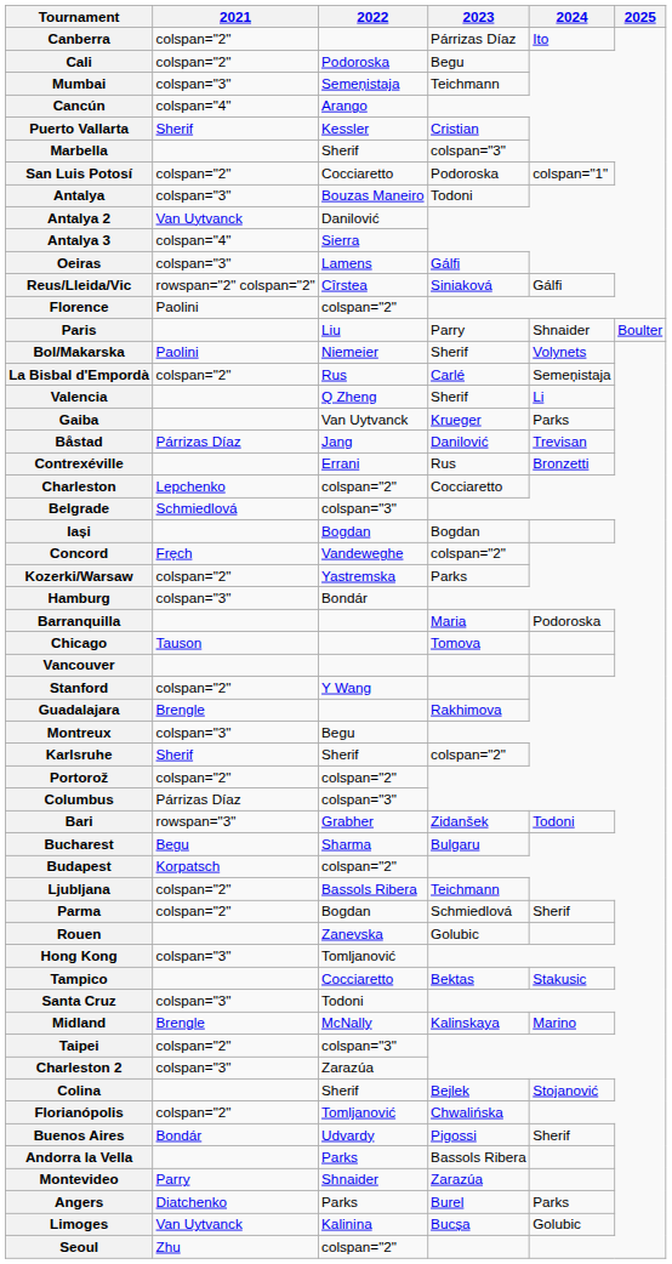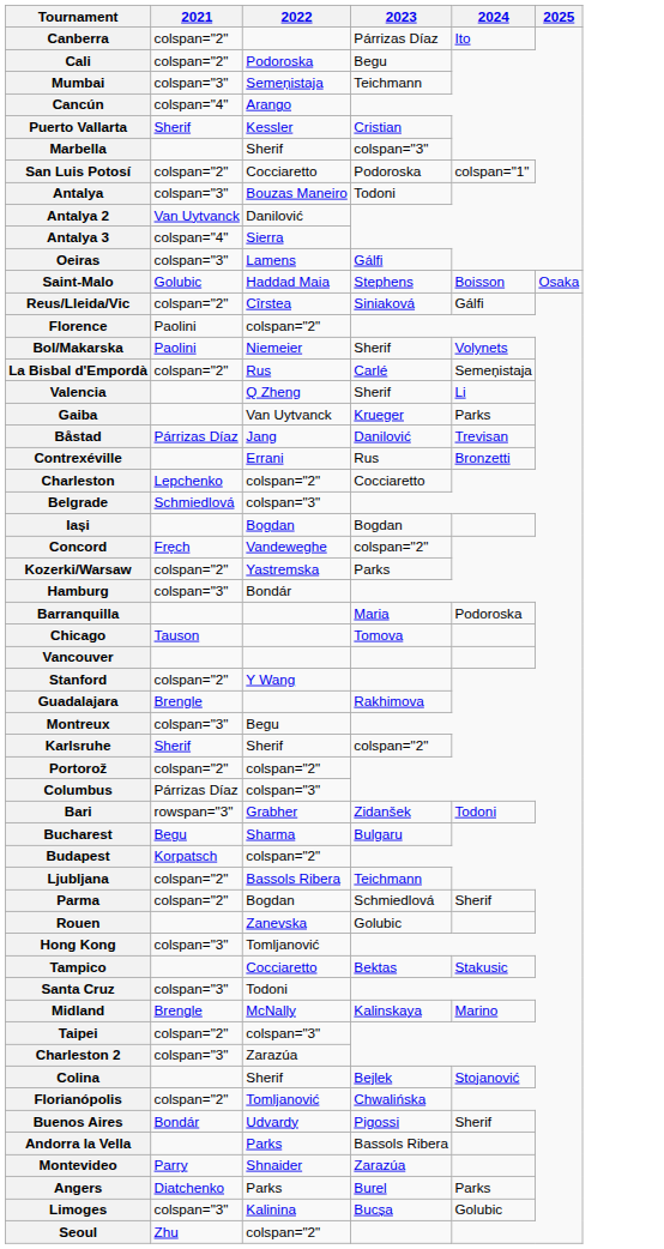 <table class=wikitable style="font-size: 85%">
 <tr>
 <th>Tournament</th>
 <th scope="col"><a href='#'>2021</a></th>
 <th scope="col"><a href='#'>2022</a></th>
 <th scope="col"><a href='#'>2023</a></th>
 <th scope="col"><a href='#'>2024</a></th>
 <th scope="col"><a href='#'>2025</a></th>
 </tr>
 <tr>
 <th scope="row">Canberra</th>
 <td>colspan="2" </td>
 <td></td>
 <td> Párrizas Díaz</td>
 <td> <a href='#'>Ito</a></td>
 </tr>
 <tr>
 <th scope="row">Cali</th>
 <td>colspan="2" </td>
 <td> <a href='#'>Podoroska</a></td>
 <td> Begu</td>
 </tr>
 <tr>
 <th scope="row">Mumbai</th>
 <td>colspan="3" </td>
 <td> <a href='#'>Semeņistaja</a></td>
 <td> Teichmann</td>
 </tr>
 <tr>
 <th scope="row">Cancún</th>
 <td>colspan="4" </td>
 <td> <a href='#'>Arango</a></td>
 </tr>
 <tr>
 <th scope="row">Puerto Vallarta</th>
 <td> <a href='#'>Sherif</a></td>
 <td> <a href='#'>Kessler</a></td>
 <td> <a href='#'>Cristian</a></td>
 </tr>
 <tr>
 <th scope="row">Marbella</th>
 <td></td>
 <td> Sherif</td>
 <td>colspan="3" </td>
 </tr>
 <tr>
 <th scope="row">San Luis Potosí</th>
 <td>colspan="2" </td>
 <td> Cocciaretto</td>
 <td> Podoroska</td>
 <td>colspan="1" </td>
 </tr>
 <tr>
 <th scope="row">Antalya</th>
 <td>colspan="3" </td>
 <td> <a href='#'>Bouzas Maneiro</a></td>
 <td> Todoni</td>
 </tr>
 <tr>
 <th scope="row">Antalya 2</th>
 <td> <a href='#'>Van Uytvanck</a></td>
 <td> Danilović</td>
 </tr>
 <tr>
 <th scope="row">Antalya 3</th>
 <td>colspan="4" </td>
 <td> <a href='#'>Sierra</a></td>
 </tr>
 <tr>
 <th scope="row">Oeiras</th>
 <td>colspan="3" </td>
 <td> <a href='#'>Lamens</a></td>
 <td> <a href='#'>Gálfi</a></td>
 </tr>
 <tr>
+<th scope="row">Saint-Malo</th>
+<td> <a href='#'>Golubic</a></td>
+<td> <a href='#'>Haddad Maia</a></td>
+<td> <a href='#'>Stephens</a></td>
+<td> <a href='#'>Boisson</a></td>
+<td> <a href='#'>Osaka</a></td>
+</tr>
+<tr>
 <th scope="row">Reus/Lleida/Vic</th>
-<td>rowspan="2" colspan="2" </td>
+<td>colspan="2" </td>
 <td> <a href='#'>Cîrstea</a></td>
 <td> <a href='#'>Siniaková</a></td>
 <td> Gálfi</td>
 </tr>
 <tr>
 <th scope="row">Florence</th>
 <td> Paolini</td>
 <td>colspan="2" </td>
-</tr>
-<tr>
-<th scope="row">Paris</th>
-<td></td>
-<td> <a href='#'>Liu</a></td>
-<td> Parry</td>
-<td> Shnaider</td>
-<td> <a href='#'>Boulter</a></td>
 </tr>
 <tr>
 <th scope="row">Bol/Makarska</th>
 <td> <a href='#'>Paolini</a></td>
 <td> <a href='#'>Niemeier</a></td>
 <td> Sherif</td>
 <td> <a href='#'>Volynets</a></td>
 </tr>
 <tr>
 <th scope="row">La Bisbal d'Empordà</th>
 <td>colspan="2" </td>
 <td> <a href='#'>Rus</a></td>
 <td> <a href='#'>Carlé</a></td>
 <td> Semeņistaja</td>
 </tr>
 <tr>
 <th scope="row">Valencia</th>
 <td></td>
 <td> <a href='#'>Q Zheng</a></td>
 <td> Sherif</td>
 <td> <a href='#'>Li</a></td>
 </tr>
 <tr>
 <th scope="row">Gaiba</th>
 <td></td>
 <td> Van Uytvanck</td>
 <td> <a href='#'>Krueger</a></td>
 <td> Parks</td>
 </tr>
 <tr>
 <th scope="row">Båstad</th>
 <td> <a href='#'>Párrizas Díaz</a></td>
 <td> <a href='#'>Jang</a></td>
 <td> <a href='#'>Danilović</a></td>
 <td> <a href='#'>Trevisan</a></td>
 </tr>
 <tr>
 <th scope="row">Contrexéville</th>
 <td></td>
 <td> <a href='#'>Errani</a></td>
 <td> Rus</td>
 <td> <a href='#'>Bronzetti</a></td>
 </tr>
 <tr>
 <th scope="row">Charleston</th>
 <td> <a href='#'>Lepchenko</a></td>
 <td>colspan="2" </td>
 <td> Cocciaretto</td>
 </tr>
 <tr>
 <th scope="row">Belgrade</th>
 <td> <a href='#'>Schmiedlová</a></td>
 <td>colspan="3" </td>
 </tr>
 <tr>
 <th scope="row">Iași</th>
 <td></td>
 <td> <a href='#'>Bogdan</a></td>
 <td> Bogdan</td>
 <td></td>
 </tr>
 <tr>
 <th scope="row">Concord</th>
 <td> <a href='#'>Fręch</a></td>
 <td> <a href='#'>Vandeweghe</a></td>
 <td>colspan="2" </td>
 </tr>
 <tr>
 <th scope="row">Kozerki/Warsaw</th>
 <td>colspan="2" </td>
 <td> <a href='#'>Yastremska</a></td>
 <td> Parks</td>
 </tr>
 <tr>
 <th scope="row">Hamburg</th>
 <td>colspan="3" </td>
 <td> Bondár</td>
 </tr>
 <tr>
 <th scope="row">Barranquilla</th>
 <td></td>
 <td></td>
 <td> <a href='#'>Maria</a></td>
 <td> Podoroska</td>
 </tr>
 <tr>
 <th scope="row">Chicago</th>
 <td> <a href='#'>Tauson</a></td>
 <td></td>
 <td> <a href='#'>Tomova</a></td>
 <td></td>
 </tr>
 <tr>
 <th scope="row">Vancouver</th>
 <td></td>
 <td></td>
 <td></td>
 <td></td>
 </tr>
 <tr>
 <th scope="row">Stanford</th>
 <td>colspan="2" </td>
 <td> <a href='#'>Y Wang</a></td>
 <td></td>
 </tr>
 <tr>
 <th scope="row">Guadalajara</th>
 <td> <a href='#'>Brengle</a></td>
 <td></td>
 <td> <a href='#'>Rakhimova</a></td>
 </tr>
 <tr>
 <th scope="row">Montreux</th>
 <td>colspan="3" </td>
 <td> Begu</td>
 </tr>
 <tr>
 <th scope="row">Karlsruhe</th>
 <td> <a href='#'>Sherif</a></td>
 <td> Sherif</td>
 <td>colspan="2" </td>
 </tr>
 <tr>
 <th scope="row">Portorož</th>
 <td>colspan="2" </td>
 <td>colspan="2" </td>
 </tr>
 <tr>
 <th scope="row">Columbus</th>
 <td> Párrizas Díaz</td>
 <td>colspan="3" </td>
 </tr>
 <tr>
 <th scope="row">Bari</th>
 <td>rowspan="3" </td>
 <td> <a href='#'>Grabher</a></td>
 <td> <a href='#'>Zidanšek</a></td>
 <td> <a href='#'>Todoni</a></td>
 </tr>
 <tr>
 <th scope="row">Bucharest</th>
 <td> <a href='#'>Begu</a></td>
 <td> <a href='#'>Sharma</a></td>
 <td> <a href='#'>Bulgaru</a></td>
 </tr>
 <tr>
 <th scope="row">Budapest</th>
 <td> <a href='#'>Korpatsch</a></td>
 <td>colspan="2" </td>
 </tr>
 <tr>
 <th scope="row">Ljubljana</th>
 <td>colspan="2" </td>
 <td> <a href='#'>Bassols Ribera</a></td>
 <td> <a href='#'>Teichmann</a></td>
 </tr>
 <tr>
 <th scope="row">Parma</th>
 <td>colspan="2" </td>
 <td> Bogdan</td>
 <td> Schmiedlová</td>
 <td> Sherif</td>
 </tr>
 <tr>
 <th scope="row">Rouen</th>
 <td></td>
 <td> <a href='#'>Zanevska</a></td>
 <td> Golubic</td>
 <td></td>
 </tr>
 <tr>
 <th scope="row">Hong Kong</th>
 <td>colspan="3" </td>
 <td> Tomljanović</td>
 </tr>
 <tr>
 <th scope="row">Tampico</th>
 <td></td>
 <td> <a href='#'>Cocciaretto</a></td>
 <td> <a href='#'>Bektas</a></td>
 <td> <a href='#'>Stakusic</a></td>
 </tr>
 <tr>
 <th scope="row">Santa Cruz</th>
 <td>colspan="3" </td>
 <td> Todoni</td>
 </tr>
 <tr>
 <th scope="row">Midland</th>
 <td> <a href='#'>Brengle</a></td>
 <td> <a href='#'>McNally</a></td>
 <td> <a href='#'>Kalinskaya</a></td>
 <td> <a href='#'>Marino</a></td>
 </tr>
 <tr>
 <th scope="row">Taipei</th>
 <td>colspan="2" </td>
 <td>colspan="3" </td>
 </tr>
 <tr>
 <th scope="row">Charleston 2</th>
 <td>colspan="3" </td>
 <td> Zarazúa</td>
 </tr>
 <tr>
 <th scope="row">Colina</th>
 <td></td>
 <td> Sherif</td>
 <td> <a href='#'>Bejlek</a></td>
 <td> <a href='#'>Stojanović</a></td>
 </tr>
 <tr>
 <th scope="row">Florianópolis</th>
 <td>colspan="2" </td>
 <td> <a href='#'>Tomljanović</a></td>
 <td> <a href='#'>Chwalińska</a></td>
 </tr>
 <tr>
 <th scope="row">Buenos Aires</th>
 <td> <a href='#'>Bondár</a></td>
 <td> <a href='#'>Udvardy</a></td>
 <td> <a href='#'>Pigossi</a></td>
 <td> Sherif</td>
 </tr>
 <tr>
 <th scope="row">Andorra la Vella</th>
 <td></td>
 <td> <a href='#'>Parks</a></td>
 <td> Bassols Ribera</td>
 <td></td>
 </tr>
 <tr>
 <th scope="row">Montevideo</th>
 <td> <a href='#'>Parry</a></td>
 <td> <a href='#'>Shnaider</a></td>
 <td> <a href='#'>Zarazúa</a></td>
 <td></td>
 </tr>
 <tr>
 <th scope="row">Angers</th>
 <td> <a href='#'>Diatchenko</a></td>
 <td> Parks</td>
 <td> <a href='#'>Burel</a></td>
 <td> Parks</td>
 </tr>
 <tr>
 <th scope="row">Limoges</th>
-<td> <a href='#'>Van Uytvanck</a></td>
+<td>colspan="3" </td>
 <td> <a href='#'>Kalinina</a></td>
 <td> <a href='#'>Bucșa</a></td>
 <td> Golubic</td>
 </tr>
 <tr>
 <th scope="row">Seoul</th>
 <td> <a href='#'>Zhu</a></td>
 <td>colspan="2" </td>
 <td></td>
 </tr>
 </table>
